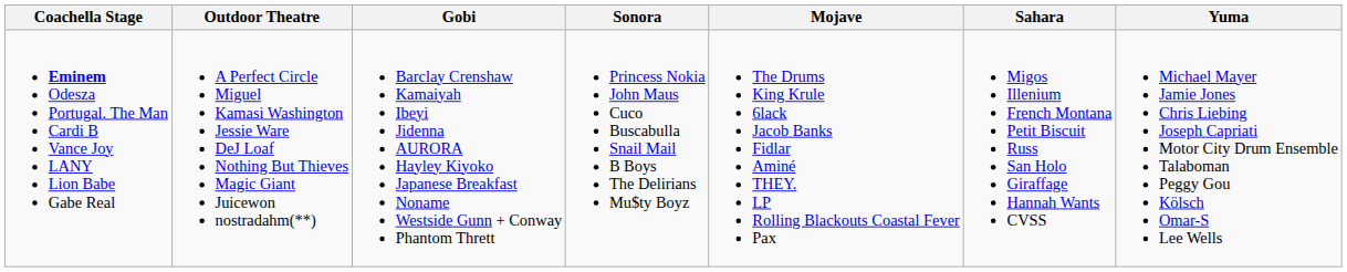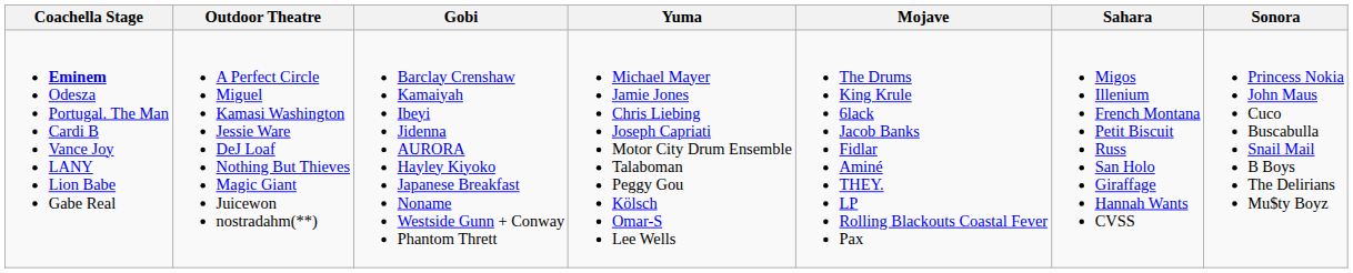 <table class="wikitable">
 <tr>
 <th>Coachella Stage</th>
 <th>Outdoor Theatre</th>
 <th>Gobi</th>
-<th>Sonora</th>
+<th>Yuma</th>
 <th>Mojave</th>
 <th>Sahara</th>
-<th>Yuma</th>
+<th>Sonora</th>
 </tr>
 <tr valign="top">
 <td><br><ul><li><strong><a href='#'>Eminem</a></strong></li><li><a href='#'>Odesza</a></li><li><a href='#'>Portugal. The Man</a></li><li><a href='#'>Cardi B</a></li><li><a href='#'>Vance Joy</a></li><li><a href='#'>LANY</a></li><li><a href='#'>Lion Babe</a></li><li>Gabe Real</li></ul></td>
 <td><br><ul><li><a href='#'>A Perfect Circle</a></li><li><a href='#'>Miguel</a></li><li><a href='#'>Kamasi Washington</a></li><li><a href='#'>Jessie Ware</a></li><li><a href='#'>DeJ Loaf</a></li><li><a href='#'>Nothing But Thieves</a></li><li><a href='#'>Magic Giant</a></li><li>Juicewon</li><li>nostradahm(**)</li></ul></td>
 <td><br><ul><li><a href='#'>Barclay Crenshaw</a></li><li><a href='#'>Kamaiyah</a></li><li><a href='#'>Ibeyi</a></li><li><a href='#'>Jidenna</a></li><li><a href='#'>AURORA</a></li><li><a href='#'>Hayley Kiyoko</a></li><li><a href='#'>Japanese Breakfast</a></li><li><a href='#'>Noname</a></li><li><a href='#'>Westside Gunn</a> + Conway</li><li>Phantom Thrett</li></ul></td>
-<td><br><ul><li><a href='#'>Princess Nokia</a></li><li><a href='#'>John Maus</a></li><li>Cuco</li><li>Buscabulla</li><li><a href='#'>Snail Mail</a></li><li>B Boys</li><li>The Delirians</li><li>Mu$ty Boyz</li></ul></td>
+<td><br><ul><li><a href='#'>Michael Mayer</a></li><li><a href='#'>Jamie Jones</a></li><li><a href='#'>Chris Liebing</a></li><li><a href='#'>Joseph Capriati</a></li><li>Motor City Drum Ensemble</li><li>Talaboman</li><li>Peggy Gou</li><li><a href='#'>Kölsch</a></li><li><a href='#'>Omar-S</a></li><li>Lee Wells</li></ul></td>
 <td><br><ul><li><a href='#'>The Drums</a></li><li><a href='#'>King Krule</a></li><li><a href='#'>6lack</a></li><li><a href='#'>Jacob Banks</a></li><li><a href='#'>Fidlar</a></li><li><a href='#'>Aminé</a></li><li><a href='#'>THEY.</a></li><li><a href='#'>LP</a></li><li><a href='#'>Rolling Blackouts Coastal Fever</a></li><li>Pax</li></ul></td>
 <td><br><ul><li><a href='#'>Migos</a></li><li><a href='#'>Illenium</a></li><li><a href='#'>French Montana</a></li><li><a href='#'>Petit Biscuit</a></li><li><a href='#'>Russ</a></li><li><a href='#'>San Holo</a></li><li><a href='#'>Giraffage</a></li><li><a href='#'>Hannah Wants</a></li><li>CVSS</li></ul></td>
-<td><br><ul><li><a href='#'>Michael Mayer</a></li><li><a href='#'>Jamie Jones</a></li><li><a href='#'>Chris Liebing</a></li><li><a href='#'>Joseph Capriati</a></li><li>Motor City Drum Ensemble</li><li>Talaboman</li><li>Peggy Gou</li><li><a href='#'>Kölsch</a></li><li><a href='#'>Omar-S</a></li><li>Lee Wells</li></ul></td>
+<td><br><ul><li><a href='#'>Princess Nokia</a></li><li><a href='#'>John Maus</a></li><li>Cuco</li><li>Buscabulla</li><li><a href='#'>Snail Mail</a></li><li>B Boys</li><li>The Delirians</li><li>Mu$ty Boyz</li></ul></td>
 </tr>
 </table>
